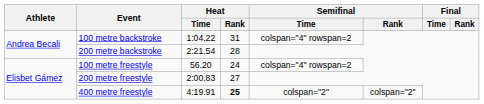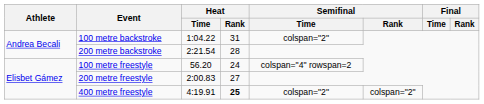 <table class="wikitable" style="text-align:center; font-size:90%; width:50%;">
 <tr>
 <th rowspan="2">Athlete</th>
 <th rowspan="2">Event</th>
 <th colspan="2">Heat</th>
 <th colspan="2">Semifinal</th>
 <th colspan="2">Final</th>
 </tr>
 <tr style="font-size:95%">
 <th>Time</th>
 <th>Rank</th>
 <th>Time</th>
 <th>Rank</th>
 <th>Time</th>
 <th>Rank</th>
 </tr>
 <tr>
 <td align=left rowspan=2><a href='#'>Andrea Becali</a></td>
 <td align=left><a href='#'>100 metre backstroke</a></td>
 <td>1:04.22</td>
 <td>31</td>
-<td>colspan="4" rowspan=2 </td>
+<td>colspan="2" </td>
 </tr>
 <tr>
 <td align=left><a href='#'>200 metre backstroke</a></td>
 <td>2:21.54</td>
 <td>28</td>
 </tr>
 <tr>
 <td align=left rowspan=3><a href='#'>Elisbet Gámez</a></td>
 <td align=left><a href='#'>100 metre freestyle</a></td>
 <td>56.20</td>
 <td>24</td>
 <td>colspan="4" rowspan=2 </td>
 </tr>
 <tr>
 <td align=left><a href='#'>200 metre freestyle</a></td>
 <td>2:00.83</td>
 <td>27</td>
 </tr>
 <tr>
 <td align=left><a href='#'>400 metre freestyle</a></td>
 <td>4:19.91</td>
 <td><strong>25</strong></td>
 <td>colspan="2" </td>
 <td>colspan="2" </td>
 </tr>
 </table>
